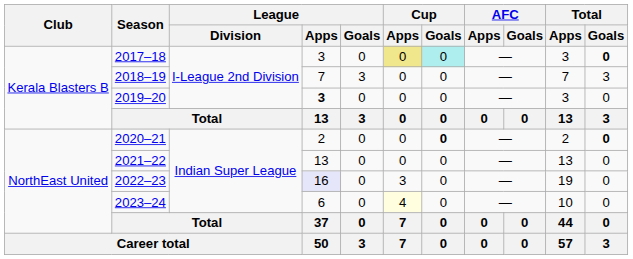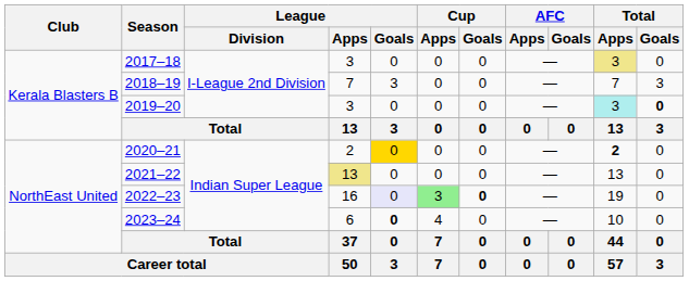 <table class="wikitable" style="text-align: center;">
 <tr>
 <th rowspan="2">Club</th>
 <th rowspan="2">Season</th>
 <th colspan="3">League</th>
 <th colspan="2">Cup</th>
 <th colspan="2"><a href='#'>AFC</a></th>
 <th colspan="2">Total</th>
 </tr>
 <tr>
 <th>Division</th>
 <th>Apps</th>
 <th>Goals</th>
 <th>Apps</th>
 <th>Goals</th>
 <th>Apps</th>
 <th>Goals</th>
 <th>Apps</th>
 <th>Goals</th>
 </tr>
 <tr>
 <td rowspan="4"><a href='#'>Kerala Blasters B</a></td>
 <td><a href='#'>2017–18</a></td>
 <td rowspan="3"><a href='#'>I-League 2nd Division</a></td>
 <td>3</td>
 <td>0</td>
-<td style="background: khaki;">0</td>
-<td style="background: paleturquoise;">0</td>
+<td>0</td>
+<td>0</td>
 <td colspan="2">—</td>
-<td>3</td>
-<td><strong>0</strong></td>
+<td style="background: khaki;">3</td>
+<td>0</td>
 </tr>
 <tr>
 <td><a href='#'>2018–19</a></td>
 <td>7</td>
 <td>3</td>
 <td>0</td>
 <td>0</td>
 <td colspan="2">—</td>
 <td>7</td>
 <td>3</td>
 </tr>
 <tr>
 <td><a href='#'>2019–20</a></td>
-<td><strong>3</strong></td>
+<td>3</td>
 <td>0</td>
 <td>0</td>
 <td>0</td>
 <td colspan="2">—</td>
-<td>3</td>
-<td>0</td>
+<td style="background: paleturquoise;">3</td>
+<td><strong>0</strong></td>
 </tr>
 <tr>
 <th colspan="2">Total</th>
 <th>13</th>
 <th>3</th>
 <th>0</th>
 <th>0</th>
 <th>0</th>
 <th>0</th>
 <th>13</th>
 <th>3</th>
 </tr>
 <tr>
 <td rowspan="5"><a href='#'>NorthEast United</a></td>
 <td><a href='#'>2020–21</a></td>
 <td rowspan="4"><a href='#'>Indian Super League</a></td>
 <td>2</td>
+<td style="background: gold;">0</td>
 <td>0</td>
 <td>0</td>
-<td><strong>0</strong></td>
 <td colspan="2">—</td>
-<td>2</td>
-<td><strong>0</strong></td>
+<td><strong>2</strong></td>
+<td>0</td>
 </tr>
 <tr>
 <td><a href='#'>2021–22</a></td>
-<td>13</td>
+<td style="background: khaki;">13</td>
 <td>0</td>
 <td>0</td>
 <td>0</td>
 <td colspan="2">—</td>
 <td>13</td>
 <td>0</td>
 </tr>
 <tr>
 <td><a href='#'>2022–23</a></td>
-<td style="background: lavender;">16</td>
-<td>0</td>
-<td>3</td>
-<td>0</td>
+<td>16</td>
+<td style="background: lavender;">0</td>
+<td style="background: lightgreen;">3</td>
+<td><strong>0</strong></td>
 <td colspan="2">—</td>
 <td>19</td>
 <td>0</td>
 </tr>
 <tr>
 <td><a href='#'>2023–24</a></td>
 <td>6</td>
-<td>0</td>
-<td style="background: lightyellow;">4</td>
+<td><strong>0</strong></td>
+<td>4</td>
 <td>0</td>
 <td colspan="2">—</td>
 <td>10</td>
 <td>0</td>
 </tr>
 <tr>
 <th colspan="2">Total</th>
 <th>37</th>
 <th>0</th>
 <th>7</th>
 <th>0</th>
 <th>0</th>
 <th>0</th>
 <th>44</th>
 <th>0</th>
 </tr>
 <tr>
 <th colspan="3">Career total</th>
 <th>50</th>
 <th>3</th>
 <th>7</th>
 <th>0</th>
 <th>0</th>
 <th>0</th>
 <th>57</th>
 <th>3</th>
 </tr>
 </table>
